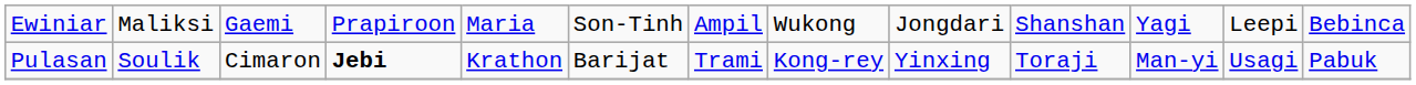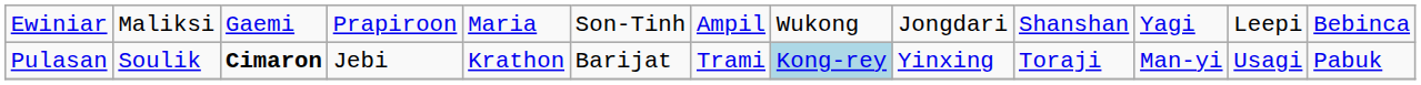 <table class="wikitable">
 <tr>
 <td><a href='#'>Ewiniar</a></td>
 <td>Maliksi</td>
 <td><a href='#'>Gaemi</a></td>
 <td><a href='#'>Prapiroon</a></td>
 <td><a href='#'>Maria</a></td>
 <td>Son-Tinh</td>
 <td><a href='#'>Ampil</a></td>
 <td>Wukong</td>
 <td>Jongdari</td>
 <td><a href='#'>Shanshan</a></td>
 <td><a href='#'>Yagi</a></td>
 <td>Leepi</td>
 <td><a href='#'>Bebinca</a></td>
 </tr>
 <tr>
 <td><a href='#'>Pulasan</a></td>
 <td><a href='#'>Soulik</a></td>
-<td>Cimaron</td>
-<td><strong>Jebi</strong></td>
+<td><strong>Cimaron</strong></td>
+<td>Jebi</td>
 <td><a href='#'>Krathon</a></td>
 <td>Barijat</td>
 <td><a href='#'>Trami</a></td>
-<td><a href='#'>Kong-rey</a></td>
+<td style="background: lightblue;"><a href='#'>Kong-rey</a></td>
 <td><a href='#'>Yinxing</a></td>
 <td><a href='#'>Toraji</a></td>
 <td><a href='#'>Man-yi</a></td>
 <td><a href='#'>Usagi</a></td>
 <td><a href='#'>Pabuk</a></td>
 </tr>
 <tr>
 </tr>
 </table>
